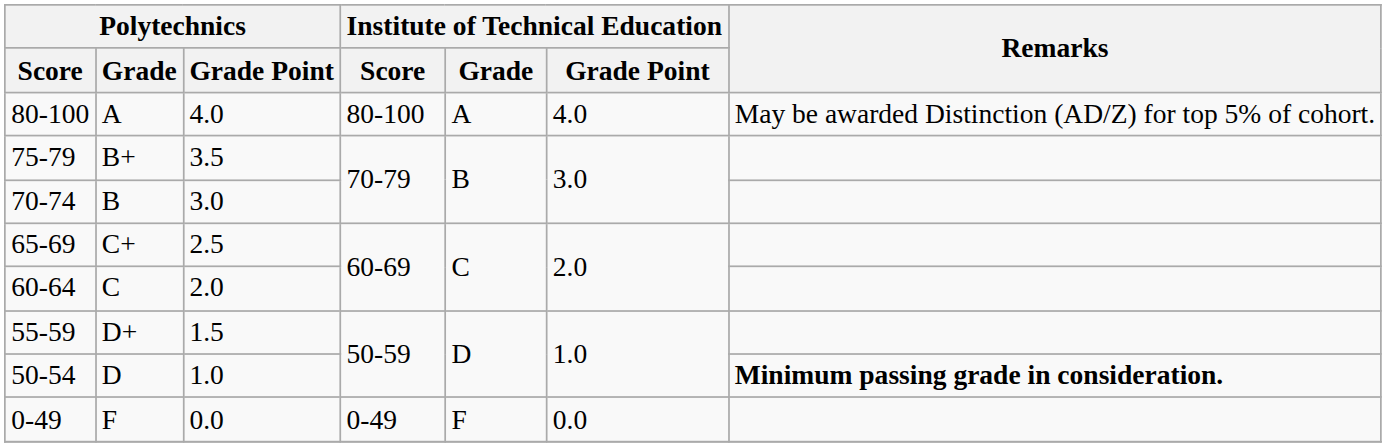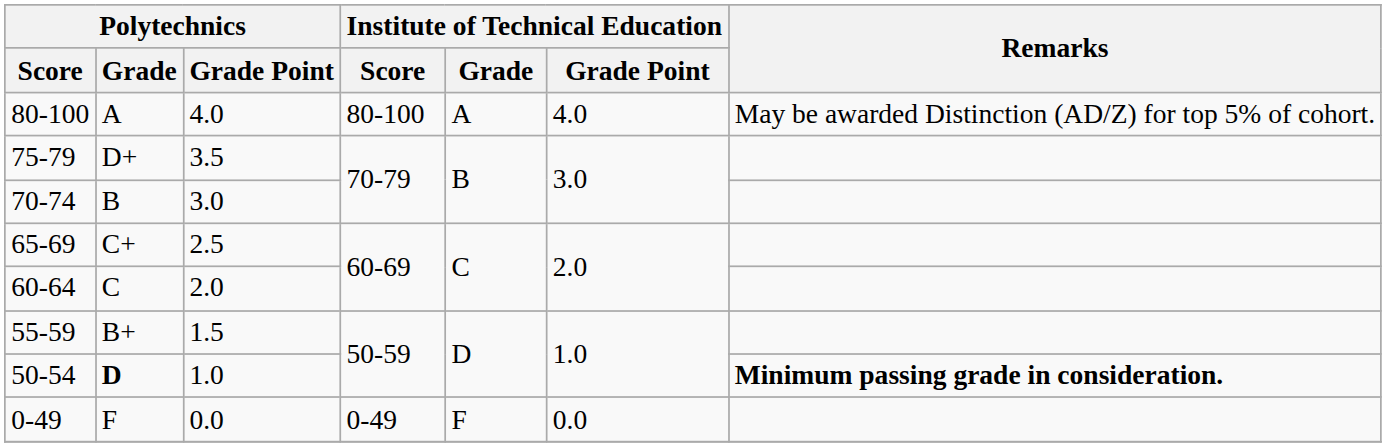 <table class="wikitable">
 <tr>
 <th colspan=3>Polytechnics</th>
 <th colspan=3>Institute of Technical Education</th>
 <th rowspan=2>Remarks</th>
 </tr>
 <tr>
 <th>Score</th>
 <th>Grade</th>
 <th>Grade Point</th>
 <th>Score</th>
 <th>Grade</th>
 <th>Grade Point</th>
 </tr>
 <tr>
 <td>80-100</td>
 <td>A</td>
 <td>4.0</td>
 <td>80-100</td>
 <td>A</td>
 <td>4.0</td>
 <td>May be awarded Distinction (AD/Z) for top 5% of cohort.</td>
 </tr>
 <tr>
 <td>75-79</td>
-<td>B+</td>
+<td>D+</td>
 <td>3.5</td>
 <td rowspan=2>70-79</td>
 <td rowspan=2>B</td>
 <td rowspan=2>3.0</td>
 <td></td>
 </tr>
 <tr>
 <td>70-74</td>
 <td>B</td>
 <td>3.0</td>
 <td></td>
 </tr>
 <tr>
 <td>65-69</td>
 <td>C+</td>
 <td>2.5</td>
 <td rowspan=2>60-69</td>
 <td rowspan=2>C</td>
 <td rowspan=2>2.0</td>
 <td></td>
 </tr>
 <tr>
 <td>60-64</td>
 <td>C</td>
 <td>2.0</td>
 <td></td>
 </tr>
 <tr>
 <td>55-59</td>
-<td>D+</td>
+<td>B+</td>
 <td>1.5</td>
 <td rowspan=2>50-59</td>
 <td rowspan=2>D</td>
 <td rowspan=2>1.0</td>
 <td></td>
 </tr>
 <tr>
 <td>50-54</td>
-<td>D</td>
+<td><strong>D</strong></td>
 <td>1.0</td>
 <td><strong>Minimum passing grade in consideration.</strong></td>
 </tr>
 <tr>
 <td>0-49</td>
 <td>F</td>
 <td>0.0</td>
 <td>0-49</td>
 <td>F</td>
 <td>0.0</td>
 <td></td>
 </tr>
 <tr>
 </tr>
 </table>
